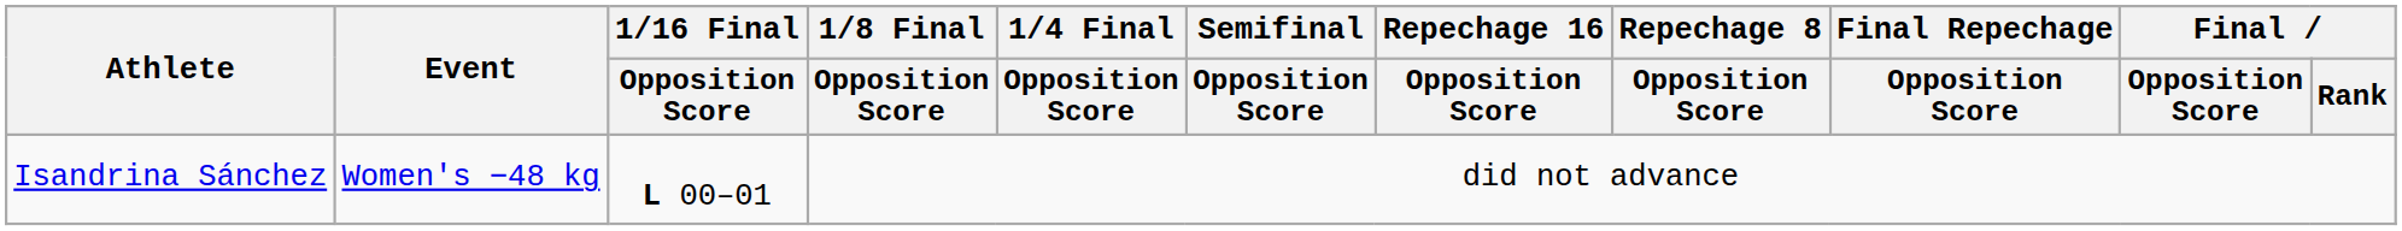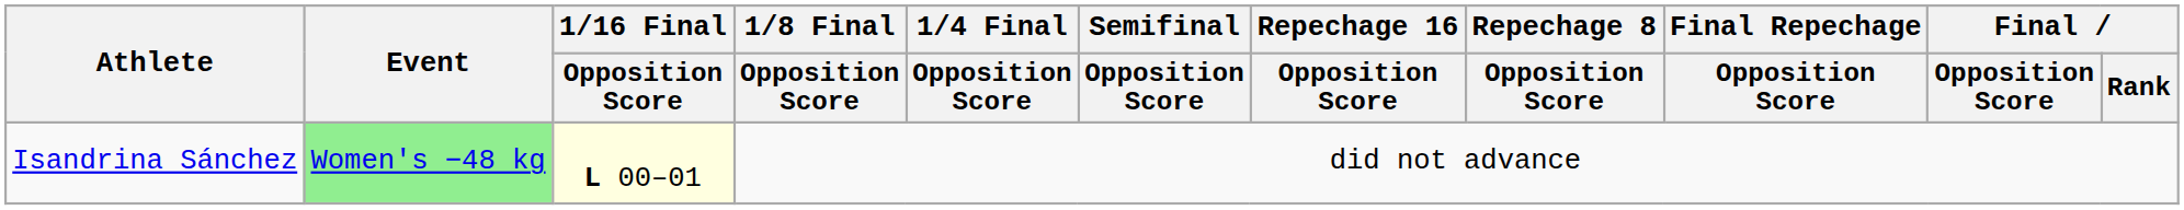 <table class="wikitable" style="font-size:90%">
 <tr>
 <th rowspan=2>Athlete</th>
 <th rowspan=2>Event</th>
 <th>1/16 Final</th>
 <th>1/8 Final</th>
 <th>1/4 Final</th>
 <th>Semifinal</th>
 <th>Repechage 16</th>
 <th>Repechage 8</th>
 <th>Final Repechage</th>
 <th colspan=3>Final / </th>
 </tr>
 <tr style="font-size:95%">
 <th>Opposition<br>Score</th>
 <th>Opposition<br>Score</th>
 <th>Opposition<br>Score</th>
 <th>Opposition<br>Score</th>
 <th>Opposition<br>Score</th>
 <th>Opposition<br>Score</th>
 <th>Opposition<br>Score</th>
 <th>Opposition<br>Score</th>
 <th>Rank</th>
 </tr>
 <tr align=center>
 <td align=left><a href='#'>Isandrina Sánchez</a></td>
-<td align=left><a href='#'>Women's −48 kg</a></td>
-<td><br><strong>L</strong> 00–01</td>
+<td align=left style="background: lightgreen;"><a href='#'>Women's −48 kg</a></td>
+<td style="background: lightyellow;"><br><strong>L</strong> 00–01</td>
 <td colspan=8>did not advance</td>
 </tr>
 </table>
